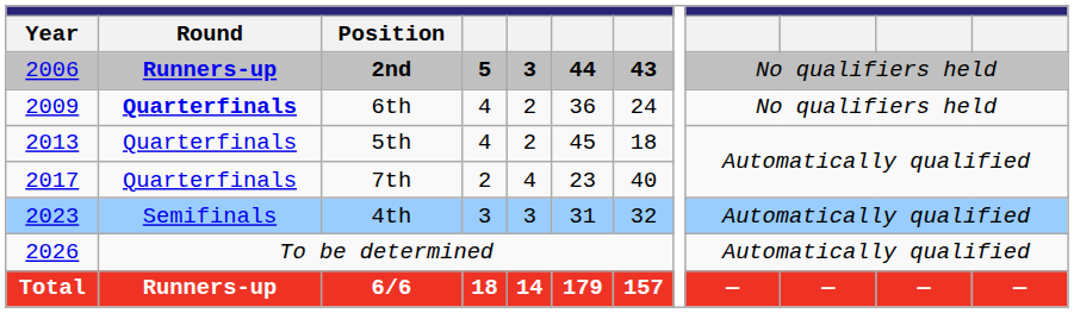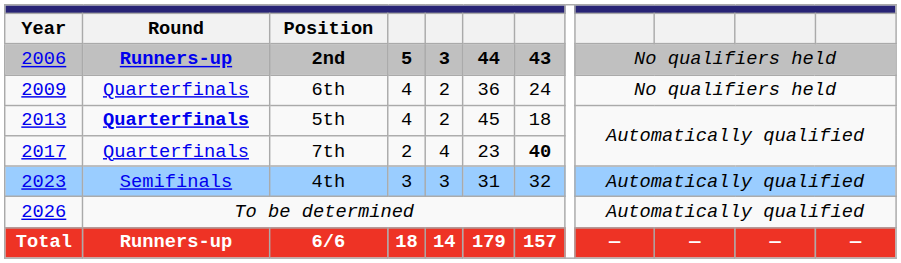 <table class="wikitable" style="text-align: center;">
 <tr>
 <th style="background:#282476;" colspan="7"><a href='#'></a> </th>
 <th style="background:white; width:1%;" rowspan="9"></th>
 <th style="background:#282476; color:#FFFFFF;" colspan="5"><a href='#'></a> </th>
 </tr>
 <tr>
 <th>Year</th>
 <th>Round</th>
 <th>Position</th>
 <th></th>
 <th></th>
 <th></th>
 <th></th>
 <th></th>
 <th></th>
 <th></th>
 <th></th>
 </tr>
 <tr style="background:Silver;">
 <td>  <a href='#'>2006</a></td>
 <td><strong><a href='#'>Runners-up</a></strong></td>
 <td><strong>2nd</strong></td>
 <td><strong>5</strong></td>
 <td><strong>3</strong></td>
 <td><strong>44</strong></td>
 <td><strong>43</strong></td>
 <td colspan=4 align=center><em>No qualifiers held</em></td>
 </tr>
 <tr>
 <td>  <a href='#'>2009</a></td>
-<td><strong><a href='#'>Quarterfinals</a></strong></td>
+<td><a href='#'>Quarterfinals</a></td>
 <td>6th</td>
 <td>4</td>
 <td>2</td>
 <td>36</td>
 <td>24</td>
 <td colspan=4 align=center><em>No qualifiers held</em></td>
 </tr>
 <tr>
 <td> <a href='#'>2013</a></td>
-<td><a href='#'>Quarterfinals</a></td>
+<td><strong><a href='#'>Quarterfinals</a></strong></td>
 <td>5th</td>
 <td>4</td>
 <td>2</td>
 <td>45</td>
 <td>18</td>
 <td colspan=4 rowspan=2 align=center><em>Automatically qualified</em></td>
 </tr>
 <tr>
 <td> <a href='#'>2017</a></td>
 <td><a href='#'>Quarterfinals</a></td>
 <td>7th</td>
 <td>2</td>
 <td>4</td>
 <td>23</td>
-<td>40</td>
+<td><strong>40</strong></td>
 </tr>
 <tr style="background:#9acdff;">
 <td>   <a href='#'>2023</a></td>
 <td><a href='#'>Semifinals</a></td>
 <td>4th</td>
 <td>3</td>
 <td>3</td>
 <td>31</td>
 <td>32</td>
 <td colspan=5 align=center><em>Automatically qualified</em></td>
 </tr>
 <tr>
 <td> <a href='#'>2026</a></td>
 <td colspan=6 align=center><em>To be determined</em></td>
 <td colspan=4 align=center><em>Automatically qualified</em></td>
 </tr>
 <tr>
 <th style="color:white; background:#EE3325;">Total</th>
 <th style="color:white; background:#EE3325;">Runners-up</th>
 <th style="color:white; background:#EE3325;">6/6</th>
 <th style="color:white; background:#EE3325;">18</th>
 <th style="color:white; background:#EE3325;">14</th>
 <th style="color:white; background:#EE3325;">179</th>
 <th style="color:white; background:#EE3325;">157</th>
 <th style="color:white; background:#EE3325;">—</th>
 <th style="color:white; background:#EE3325;">—</th>
 <th style="color:white; background:#EE3325;">—</th>
 <th style="color:white; background:#EE3325;">—</th>
 </tr>
 </table>
